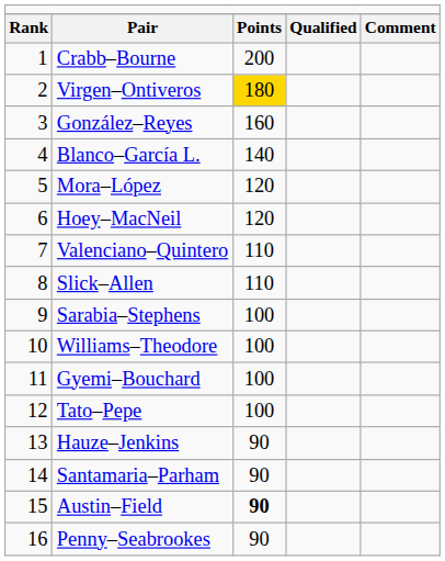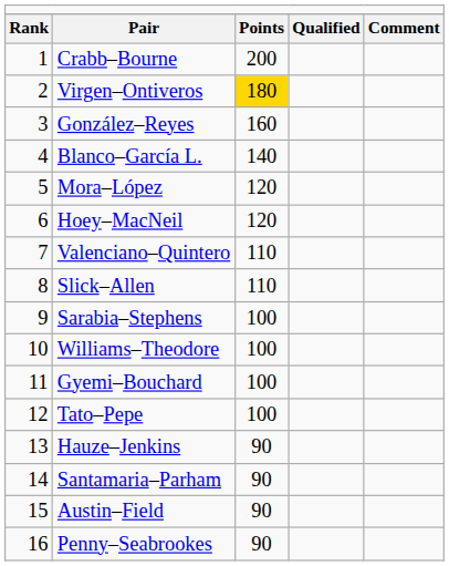 <table class="wikitable">
 <tr>
 <td colspan=5 align="center"></td>
 </tr>
 <tr>
 </tr>
 <tr style="font-size:10pt;font-weight:bold">
 <th>Rank</th>
 <th>Pair</th>
 <th>Points</th>
 <th>Qualified</th>
 <th>Comment</th>
 </tr>
 <tr>
 <td align=right>1</td>
 <td> <a href='#'>Crabb</a>–<a href='#'>Bourne</a></td>
 <td align=center>200</td>
 <td></td>
 <td></td>
 </tr>
 <tr>
 <td align=right>2</td>
 <td> <a href='#'>Virgen</a>–<a href='#'>Ontiveros</a></td>
 <td align=center style="background: gold;">180</td>
 <td></td>
 <td></td>
 </tr>
 <tr>
 <td align=right>3</td>
 <td> <a href='#'>González</a>–<a href='#'>Reyes</a></td>
 <td align=center>160</td>
 <td></td>
 <td></td>
 </tr>
 <tr>
 <td align=right>4</td>
 <td> <a href='#'>Blanco</a>–<a href='#'>García L.</a></td>
 <td align=center>140</td>
 <td></td>
 <td></td>
 </tr>
 <tr>
 <td align=right>5</td>
 <td> <a href='#'>Mora</a>–<a href='#'>López</a></td>
 <td align=center>120</td>
 <td></td>
 <td></td>
 </tr>
 <tr>
 <td align=right>6</td>
 <td> <a href='#'>Hoey</a>–<a href='#'>MacNeil</a></td>
 <td align=center>120</td>
 <td></td>
 <td></td>
 </tr>
 <tr>
 <td align=right>7</td>
 <td> <a href='#'>Valenciano</a>–<a href='#'>Quintero</a></td>
 <td align=center>110</td>
 <td></td>
 <td></td>
 </tr>
 <tr>
 <td align=right>8</td>
 <td> <a href='#'>Slick</a>–<a href='#'>Allen</a></td>
 <td align=center>110</td>
 <td></td>
 <td></td>
 </tr>
 <tr>
 <td align=right>9</td>
 <td> <a href='#'>Sarabia</a>–<a href='#'>Stephens</a></td>
 <td align=center>100</td>
 <td></td>
 <td></td>
 </tr>
 <tr>
 <td align=right>10</td>
 <td> <a href='#'>Williams</a>–<a href='#'>Theodore</a></td>
 <td align=center>100</td>
 <td></td>
 <td></td>
 </tr>
 <tr>
 <td align=right>11</td>
 <td> <a href='#'>Gyemi</a>–<a href='#'>Bouchard</a></td>
 <td align=center>100</td>
 <td></td>
 <td></td>
 </tr>
 <tr>
 <td align=right>12</td>
 <td> <a href='#'>Tato</a>–<a href='#'>Pepe</a></td>
 <td align=center>100</td>
 <td></td>
 <td></td>
 </tr>
 <tr>
 <td align=right>13</td>
 <td> <a href='#'>Hauze</a>–<a href='#'>Jenkins</a></td>
 <td align=center>90</td>
 <td></td>
 <td></td>
 </tr>
 <tr>
 <td align=right>14</td>
 <td> <a href='#'>Santamaria</a>–<a href='#'>Parham</a></td>
 <td align=center>90</td>
 <td></td>
 <td></td>
 </tr>
 <tr>
 <td align=right>15</td>
 <td> <a href='#'>Austin</a>–<a href='#'>Field</a></td>
-<td align=center><strong>90</strong></td>
+<td align=center>90</td>
 <td></td>
 <td></td>
 </tr>
 <tr>
 <td align=right>16</td>
 <td> <a href='#'>Penny</a>–<a href='#'>Seabrookes</a></td>
 <td align=center>90</td>
 <td></td>
 <td></td>
 </tr>
 </table>
